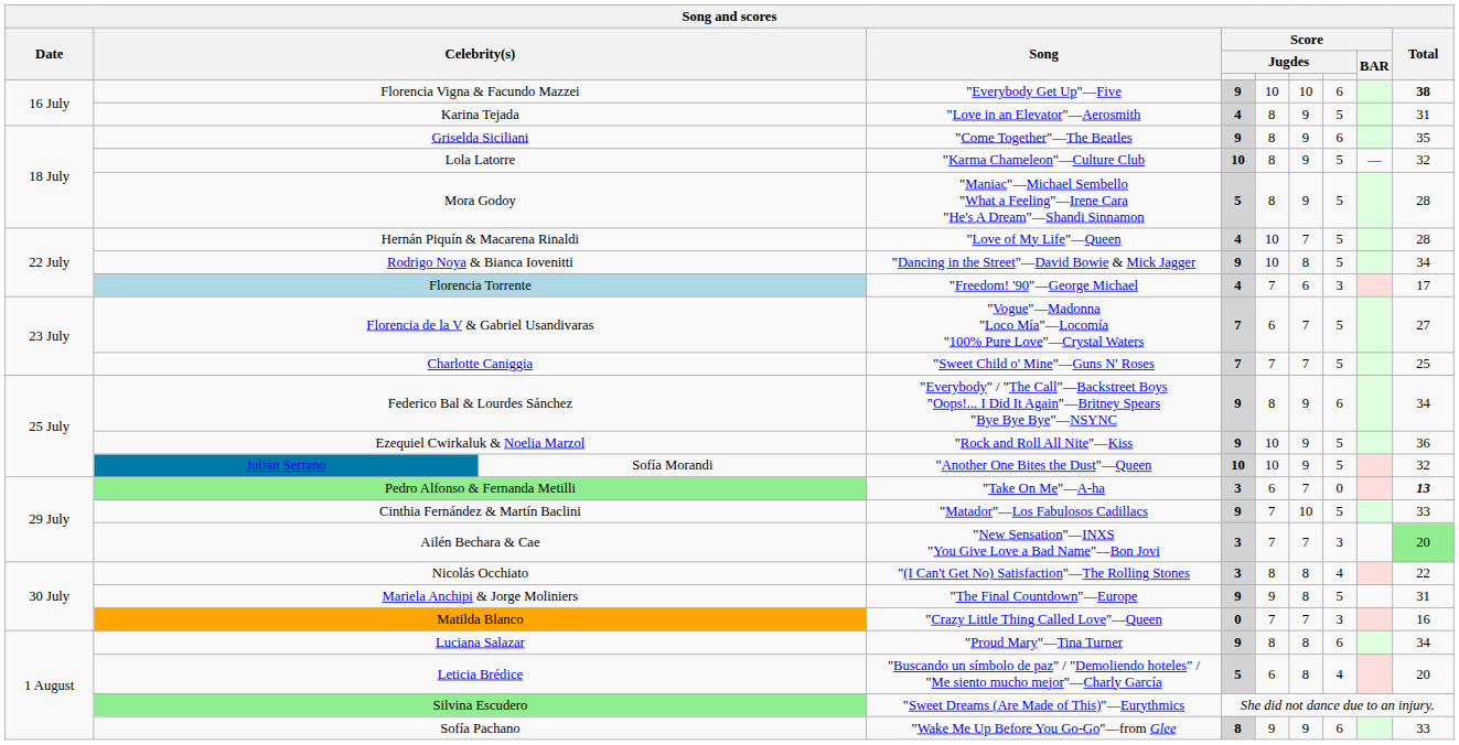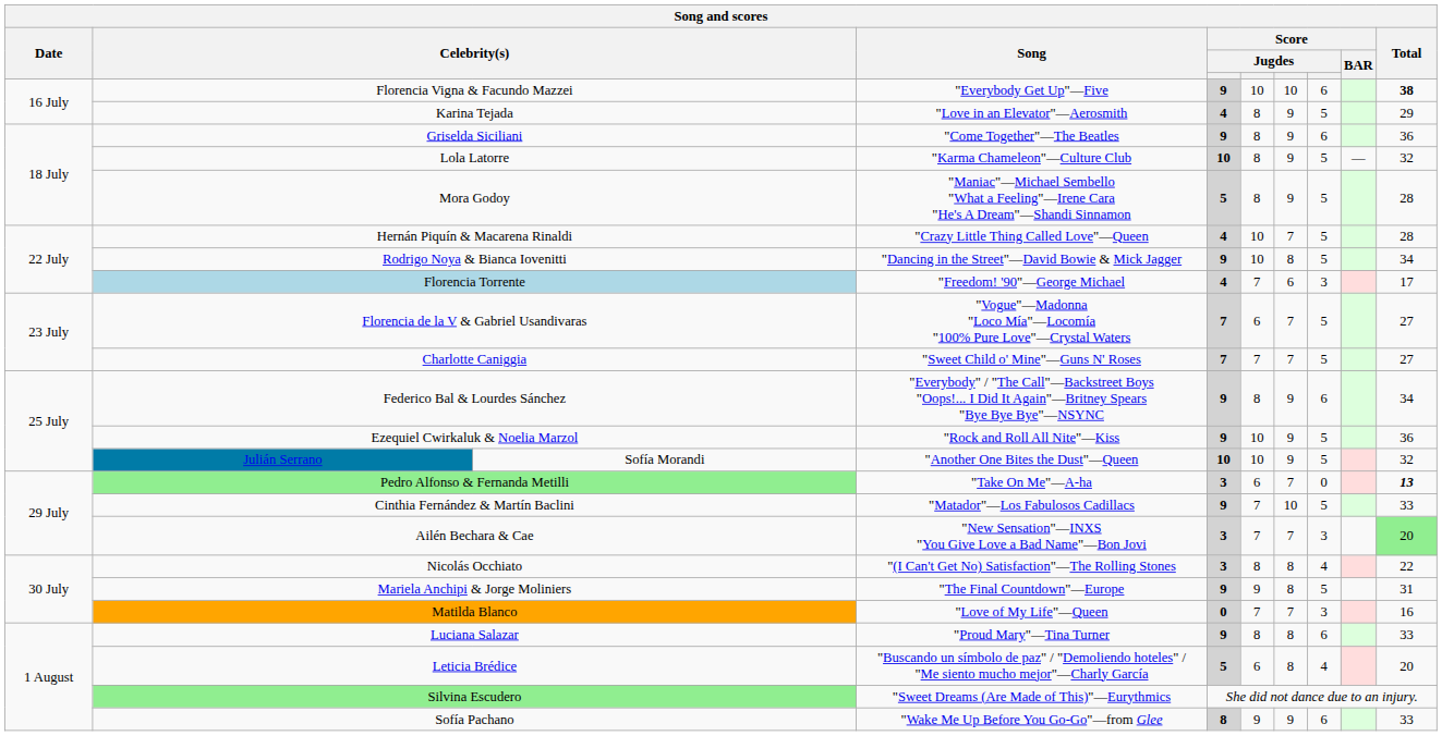 <table class="wikitable collapsible collapsed" style="font-size:95%; text-align: center; width: 100%;">
 <tr>
 <th colspan="11" style="with: 100%;" align=center>Song and scores</th>
 </tr>
 <tr>
 <th rowspan="3" width=90>Date</th>
 <th rowspan="3" colspan="2" width=130>Celebrity(s)</th>
 <th rowspan="3" width=380>Song</th>
 <th colspan="5">Score</th>
 <th rowspan="3" width=60>Total</th>
 </tr>
 <tr>
 <th colspan="4">Jugdes</th>
 <th rowspan="2" width=30>BAR<br></th>
 </tr>
 <tr>
 <th width=30></th>
 <th width=30></th>
 <th width=30></th>
 <th width=30></th>
 </tr>
 <tr>
 <td rowspan="2">16 July</td>
 <td bgcolor="" colspan="2">Florencia Vigna & Facundo Mazzei</td>
 <td>"<a href='#'>Everybody Get Up</a>"—<a href='#'>Five</a></td>
 <td bgcolor="lightgrey"><strong>9</strong></td>
 <td>10</td>
 <td>10</td>
 <td>6</td>
 <td bgcolor="#ddffdd"></td>
 <td><span><strong>38</strong></span></td>
 </tr>
 <tr>
 <td bgcolor="" colspan="2">Karina Tejada</td>
 <td>"<a href='#'>Love in an Elevator</a>"—<a href='#'>Aerosmith</a></td>
 <td bgcolor="lightgrey"><strong>4</strong></td>
 <td>8</td>
 <td>9</td>
 <td>5</td>
 <td bgcolor="#ddffdd"></td>
-<td>31</td>
+<td>29</td>
 </tr>
 <tr>
 <td rowspan="3">18 July</td>
 <td bgcolor="" colspan="2"><a href='#'>Griselda Siciliani</a></td>
 <td>"<a href='#'>Come Together</a>"—<a href='#'>The Beatles</a></td>
 <td bgcolor="lightgrey"><strong>9</strong></td>
 <td>8</td>
 <td>9</td>
 <td>6</td>
 <td bgcolor="#ddffdd"></td>
-<td>35</td>
+<td>36</td>
 </tr>
 <tr>
 <td bgcolor="" colspan="2">Lola Latorre</td>
 <td>"<a href='#'>Karma Chameleon</a>"—<a href='#'>Culture Club</a></td>
 <td bgcolor="lightgrey"><strong>10</strong></td>
 <td>8</td>
 <td>9</td>
 <td>5</td>
 <td>—</td>
 <td>32</td>
 </tr>
 <tr>
 <td bgcolor="" colspan="2">Mora Godoy</td>
 <td>"<a href='#'>Maniac</a>"—<a href='#'>Michael Sembello</a><br>"<a href='#'>What a Feeling</a>"—<a href='#'>Irene Cara</a><br>"<a href='#'>He's A Dream</a>"—<a href='#'>Shandi Sinnamon</a></td>
 <td bgcolor="lightgrey"><strong>5</strong></td>
 <td>8</td>
 <td>9</td>
 <td>5</td>
 <td bgcolor="#ddffdd"></td>
 <td>28</td>
 </tr>
 <tr>
 <td rowspan="3">22 July</td>
 <td bgcolor="" colspan="2">Hernán Piquín & Macarena Rinaldi</td>
-<td>"<a href='#'>Love of My Life</a>"—<a href='#'>Queen</a></td>
+<td>"<a href='#'>Crazy Little Thing Called Love</a>"—<a href='#'>Queen</a></td>
 <td bgcolor="lightgrey"><strong>4</strong></td>
 <td>10</td>
 <td>7</td>
 <td>5</td>
 <td bgcolor="#ddffdd"></td>
 <td>28</td>
 </tr>
 <tr>
 <td bgcolor="" colspan="2"><a href='#'>Rodrigo Noya</a> & Bianca Iovenitti</td>
 <td>"<a href='#'>Dancing in the Street</a>"—<a href='#'>David Bowie</a> & <a href='#'>Mick Jagger</a></td>
 <td bgcolor="lightgrey"><strong>9</strong></td>
 <td>10</td>
 <td>8</td>
 <td>5</td>
 <td bgcolor="#ddffdd"></td>
 <td>34</td>
 </tr>
 <tr>
 <td bgcolor="lightblue" colspan="2">Florencia Torrente</td>
 <td>"<a href='#'>Freedom! '90</a>"—<a href='#'>George Michael</a></td>
 <td bgcolor="lightgrey"><strong>4</strong></td>
 <td>7</td>
 <td>6</td>
 <td>3</td>
 <td bgcolor="#ffdddd"></td>
 <td>17</td>
 </tr>
 <tr>
 <td rowspan="2">23 July</td>
 <td bgcolor="" colspan="2"><a href='#'>Florencia de la V</a> & Gabriel Usandivaras</td>
 <td>"<a href='#'>Vogue</a>"—<a href='#'>Madonna</a><br>"<a href='#'>Loco Mía</a>"—<a href='#'>Locomía</a><br>"<a href='#'>100% Pure Love</a>"—<a href='#'>Crystal Waters</a></td>
 <td bgcolor="lightgrey"><strong>7</strong></td>
 <td>6</td>
 <td>7</td>
 <td>5</td>
 <td bgcolor="#ddffdd"></td>
 <td>27</td>
 </tr>
 <tr>
 <td bgcolor="" colspan="2"><a href='#'>Charlotte Caniggia</a></td>
 <td>"<a href='#'>Sweet Child o' Mine</a>"—<a href='#'>Guns N' Roses</a></td>
 <td bgcolor="lightgrey"><strong>7</strong></td>
 <td>7</td>
 <td>7</td>
 <td>5</td>
 <td bgcolor="#ddffdd"></td>
-<td>25</td>
+<td>27</td>
 </tr>
 <tr>
 <td rowspan="3">25 July</td>
 <td bgcolor="" colspan="2">Federico Bal & Lourdes Sánchez</td>
 <td>"<a href='#'>Everybody</a>" / "<a href='#'>The Call</a>"—<a href='#'>Backstreet Boys</a><br>"<a href='#'>Oops!... I Did It Again</a>"—<a href='#'>Britney Spears</a><br>"<a href='#'>Bye Bye Bye</a>"—<a href='#'>NSYNC</a></td>
 <td bgcolor="lightgrey"><strong>9</strong></td>
 <td>8</td>
 <td>9</td>
 <td>6</td>
 <td bgcolor="#ddffdd"></td>
 <td>34</td>
 </tr>
 <tr>
 <td bgcolor="" colspan="2">Ezequiel Cwirkaluk & <a href='#'>Noelia Marzol</a></td>
 <td>"<a href='#'>Rock and Roll All Nite</a>"—<a href='#'>Kiss</a></td>
 <td bgcolor="lightgrey"><strong>9</strong></td>
 <td>10</td>
 <td>9</td>
 <td>5</td>
 <td bgcolor="#ddffdd"></td>
 <td>36</td>
 </tr>
 <tr>
 <td bgcolor="#007BA7"><a href='#'>Julián Serrano</a></td>
 <td bgcolor="">Sofía Morandi</td>
 <td>"<a href='#'>Another One Bites the Dust</a>"—<a href='#'>Queen</a></td>
 <td bgcolor="lightgrey"><strong>10</strong></td>
 <td>10</td>
 <td>9</td>
 <td>5</td>
 <td bgcolor="#ffdddd"></td>
 <td>32</td>
 </tr>
 <tr>
 <td rowspan="3">29 July</td>
 <td bgcolor="lightgreen" colspan="2">Pedro Alfonso & Fernanda Metilli</td>
 <td>"<a href='#'>Take On Me</a>"—<a href='#'>A-ha</a></td>
 <td bgcolor="lightgrey"><strong>3</strong></td>
 <td>6</td>
 <td>7</td>
 <td>0</td>
 <td bgcolor="#ffdddd"></td>
 <td><span><strong><em>13</em></strong></span></td>
 </tr>
 <tr>
 <td bgcolor="" colspan="2">Cinthia Fernández & Martín Baclini</td>
 <td>"<a href='#'>Matador</a>"—<a href='#'>Los Fabulosos Cadillacs</a></td>
 <td bgcolor="lightgrey"><strong>9</strong></td>
 <td>7</td>
 <td>10</td>
 <td>5</td>
 <td bgcolor="#ddffdd"></td>
 <td>33</td>
 </tr>
 <tr>
 <td bgcolor="" colspan="2">Ailén Bechara & Cae</td>
 <td>"<a href='#'>New Sensation</a>"—<a href='#'>INXS</a><br>"<a href='#'>You Give Love a Bad Name</a>"—<a href='#'>Bon Jovi</a></td>
 <td bgcolor="lightgrey"><strong>3</strong></td>
 <td>7</td>
 <td>7</td>
 <td>3</td>
 <td></td>
 <td style="background: lightgreen;">20</td>
 </tr>
 <tr>
 <td rowspan="3">30 July</td>
 <td bgcolor="" colspan="2">Nicolás Occhiato</td>
 <td>"<a href='#'>(I Can't Get No) Satisfaction</a>"—<a href='#'>The Rolling Stones</a></td>
 <td bgcolor="lightgrey"><strong>3</strong></td>
 <td>8</td>
 <td>8</td>
 <td>4</td>
 <td bgcolor="#ffdddd"></td>
 <td>22</td>
 </tr>
 <tr>
 <td bgcolor="" colspan="2"><a href='#'>Mariela Anchipi</a> & Jorge Moliniers</td>
 <td>"<a href='#'>The Final Countdown</a>"—<a href='#'>Europe</a></td>
 <td bgcolor="lightgrey"><strong>9</strong></td>
 <td>9</td>
 <td>8</td>
 <td>5</td>
 <td></td>
 <td>31</td>
 </tr>
 <tr>
 <td bgcolor="orange" colspan="2">Matilda Blanco</td>
-<td>"<a href='#'>Crazy Little Thing Called Love</a>"—<a href='#'>Queen</a></td>
+<td>"<a href='#'>Love of My Life</a>"—<a href='#'>Queen</a></td>
 <td bgcolor="lightgrey"><strong>0</strong></td>
 <td>7</td>
 <td>7</td>
 <td>3</td>
 <td bgcolor="#ffdddd"></td>
 <td>16</td>
 </tr>
 <tr>
 <td rowspan="4">1 August</td>
 <td bgcolor="" colspan="2"><a href='#'>Luciana Salazar</a></td>
 <td>"<a href='#'>Proud Mary</a>"—<a href='#'>Tina Turner</a></td>
 <td bgcolor="lightgrey"><strong>9</strong></td>
 <td>8</td>
 <td>8</td>
 <td>6</td>
 <td bgcolor="#ddffdd"></td>
-<td>34</td>
+<td>33</td>
 </tr>
 <tr>
 <td bgcolor="" colspan="2"><a href='#'>Leticia Brédice</a></td>
 <td>"<a href='#'>Buscando un símbolo de paz</a>" / "<a href='#'>Demoliendo hoteles</a>" /<br>"<a href='#'>Me siento mucho mejor</a>"—<a href='#'>Charly García</a></td>
 <td bgcolor="lightgrey"><strong>5</strong></td>
 <td>6</td>
 <td>8</td>
 <td>4</td>
 <td bgcolor="#ffdddd"></td>
 <td>20</td>
 </tr>
 <tr>
 <td bgcolor="lightgreen" colspan="2">Silvina Escudero</td>
 <td>"<a href='#'>Sweet Dreams (Are Made of This)</a>"—<a href='#'>Eurythmics</a></td>
 <td colspan="6"><em>She did not dance due to an injury.</em></td>
 </tr>
 <tr>
 <td bgcolor="" colspan="2">Sofía Pachano</td>
 <td>"<a href='#'>Wake Me Up Before You Go-Go</a>"—from <em><a href='#'>Glee</a></em></td>
 <td bgcolor="lightgrey"><strong>8</strong></td>
 <td>9</td>
 <td>9</td>
 <td>6</td>
 <td bgcolor="#ddffdd"></td>
 <td>33</td>
 </tr>
 </table>
